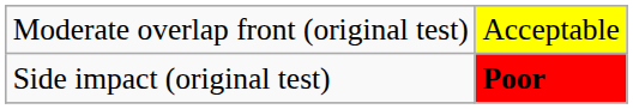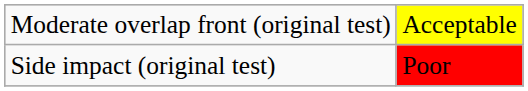 <table class="wikitable">
 <tr>
 <td>Moderate overlap front (original test)</td>
 <td style="color:black;background:yellow">Acceptable</td>
 </tr>
 <tr>
 <td>Side impact (original test)</td>
-<td style="color:black;background:red"><strong>Poor</strong></td>
+<td style="color:black;background:red">Poor</td>
 </tr>
 </table>
